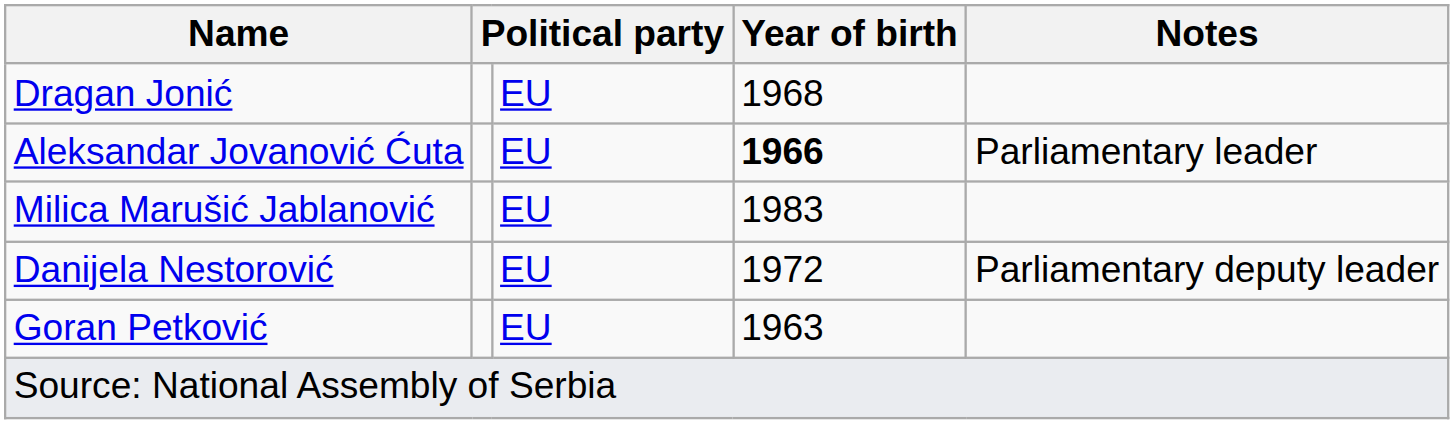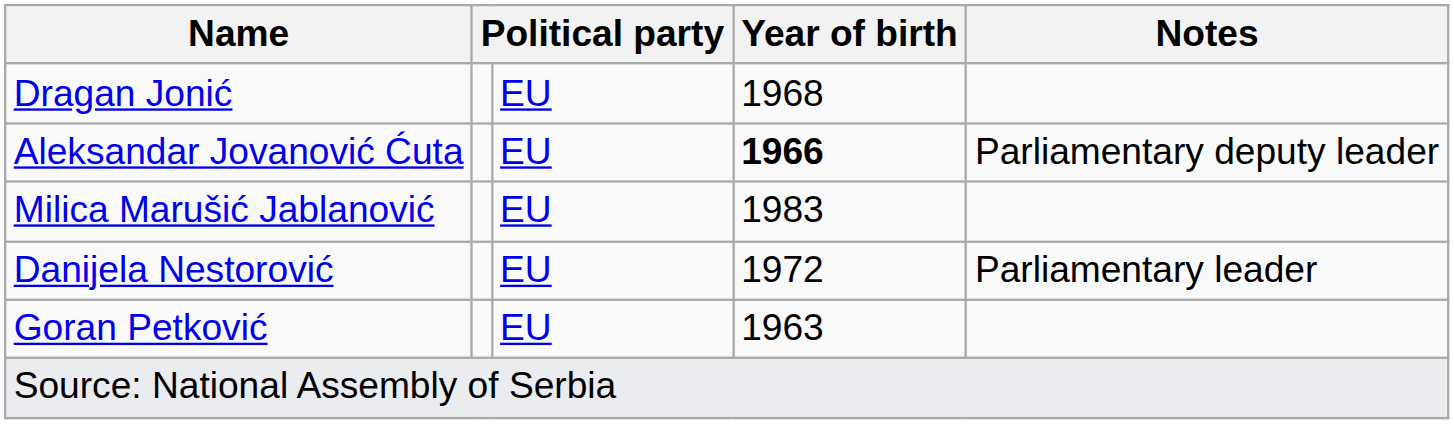 <table class="wikitable sortable" style="text-align:left">
 <tr>
 <th>Name</th>
 <th colspan="2">Political party</th>
 <th>Year of birth</th>
 <th>Notes</th>
 </tr>
 <tr>
 <td><a href='#'>Dragan Jonić</a></td>
 <td width="1" style="color:inherit;background: "></td>
 <td><a href='#'>EU</a></td>
 <td>1968</td>
 <td></td>
 </tr>
 <tr>
 <td><a href='#'>Aleksandar Jovanović Ćuta</a></td>
 <td width="1" style="color:inherit;background: "></td>
 <td><a href='#'>EU</a></td>
 <td><strong>1966</strong></td>
-<td>Parliamentary leader</td>
+<td>Parliamentary deputy leader</td>
 </tr>
 <tr>
 <td><a href='#'>Milica Marušić Jablanović</a></td>
 <td width="1" style="color:inherit;background: "></td>
 <td><a href='#'>EU</a></td>
 <td>1983</td>
 <td></td>
 </tr>
 <tr>
 <td><a href='#'>Danijela Nestorović</a></td>
 <td width="1" style="color:inherit;background: "></td>
 <td><a href='#'>EU</a></td>
 <td>1972</td>
-<td>Parliamentary deputy leader</td>
+<td>Parliamentary leader</td>
 </tr>
 <tr>
 <td><a href='#'>Goran Petković</a></td>
 <td width="1" style="color:inherit;background: "></td>
 <td><a href='#'>EU</a></td>
 <td>1963</td>
 <td></td>
 </tr>
 <tr>
 <td style="background-color:#EAECF0" colspan="5">Source: National Assembly of Serbia</td>
 </tr>
 </table>
